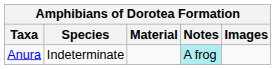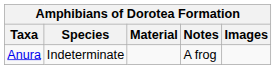 <table class="wikitable">
 <tr>
 <th colspan="5">Amphibians of Dorotea Formation</th>
 </tr>
 <tr>
 <th>Taxa</th>
 <th>Species</th>
 <th>Material</th>
 <th>Notes</th>
 <th>Images</th>
 </tr>
 <tr>
 <td><a href='#'>Anura</a></td>
 <td>Indeterminate</td>
 <td></td>
-<td style="background: paleturquoise;">A frog</td>
+<td>A frog</td>
 <td></td>
 </tr>
 </table>
